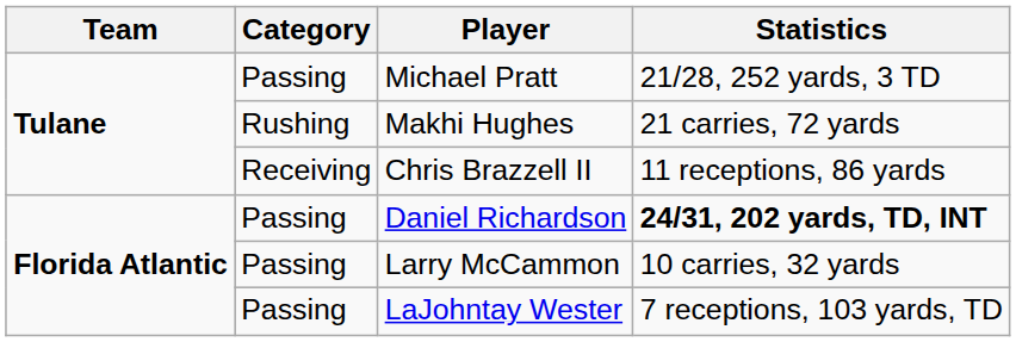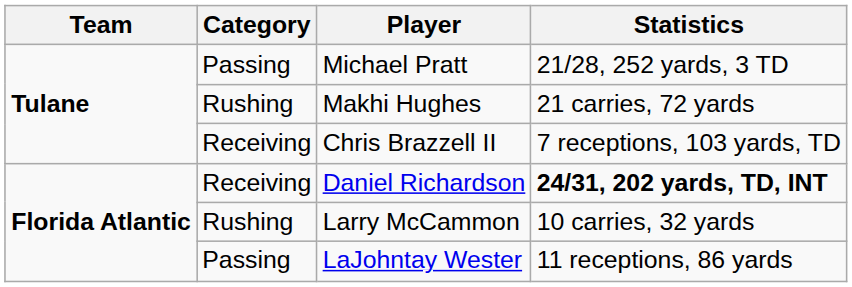 <table class="wikitable" style="float: right;">
 <tr>
 <th>Team</th>
 <th>Category</th>
 <th>Player</th>
 <th>Statistics</th>
 </tr>
 <tr>
 <td rowspan=3><strong>Tulane</strong></td>
 <td>Passing</td>
 <td>Michael Pratt</td>
 <td>21/28, 252 yards, 3 TD</td>
 </tr>
 <tr>
 <td>Rushing</td>
 <td>Makhi Hughes</td>
 <td>21 carries, 72 yards</td>
 </tr>
 <tr>
 <td>Receiving</td>
 <td>Chris Brazzell II</td>
-<td>11 receptions, 86 yards</td>
+<td>7 receptions, 103 yards, TD</td>
 </tr>
 <tr>
 <td rowspan=3><strong>Florida Atlantic</strong></td>
-<td>Passing</td>
+<td>Receiving</td>
 <td><a href='#'>Daniel Richardson</a></td>
 <td><strong>24/31, 202 yards, TD, INT</strong></td>
 </tr>
 <tr>
-<td>Passing</td>
+<td>Rushing</td>
 <td>Larry McCammon</td>
 <td>10 carries, 32 yards</td>
 </tr>
 <tr>
 <td>Passing</td>
 <td><a href='#'>LaJohntay Wester</a></td>
-<td>7 receptions, 103 yards, TD</td>
+<td>11 receptions, 86 yards</td>
 </tr>
 </table>
